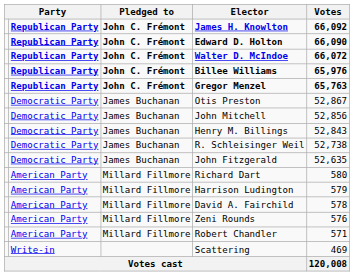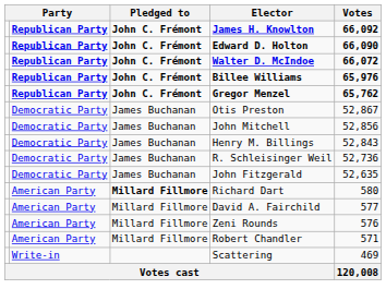 <table class="wikitable">
 <tr>
 <th colspan=2>Party</th>
 <th>Pledged to</th>
 <th>Elector</th>
 <th>Votes</th>
 </tr>
 <tr style="font-weight:bold">
 <td></td>
 <td><a href='#'>Republican Party</a></td>
 <td>John C. Frémont</td>
 <td><a href='#'>James H. Knowlton</a></td>
 <td align="right">66,092</td>
 </tr>
 <tr style="font-weight:bold">
 <td></td>
 <td><a href='#'>Republican Party</a></td>
 <td>John C. Frémont</td>
 <td>Edward D. Holton</td>
 <td align="right">66,090</td>
 </tr>
 <tr style="font-weight:bold">
 <td></td>
 <td><a href='#'>Republican Party</a></td>
 <td>John C. Frémont</td>
 <td><a href='#'>Walter D. McIndoe</a></td>
 <td align="right">66,072</td>
 </tr>
 <tr style="font-weight:bold">
 <td></td>
 <td><a href='#'>Republican Party</a></td>
 <td>John C. Frémont</td>
 <td>Billee Williams</td>
 <td align="right">65,976</td>
 </tr>
 <tr style="font-weight:bold">
 <td></td>
 <td><a href='#'>Republican Party</a></td>
 <td>John C. Frémont</td>
 <td>Gregor Menzel</td>
-<td align="right">65,763</td>
+<td align="right">65,762</td>
 </tr>
 <tr>
 <td></td>
 <td><a href='#'>Democratic Party</a></td>
 <td>James Buchanan</td>
 <td>Otis Preston</td>
 <td align="right">52,867</td>
 </tr>
 <tr>
 <td></td>
 <td><a href='#'>Democratic Party</a></td>
 <td>James Buchanan</td>
 <td>John Mitchell</td>
 <td align="right">52,856</td>
 </tr>
 <tr>
 <td></td>
 <td><a href='#'>Democratic Party</a></td>
 <td>James Buchanan</td>
 <td>Henry M. Billings</td>
 <td align="right">52,843</td>
 </tr>
 <tr>
 <td></td>
 <td><a href='#'>Democratic Party</a></td>
 <td>James Buchanan</td>
 <td>R. Schleisinger Weil</td>
-<td align="right">52,738</td>
+<td align="right">52,736</td>
 </tr>
 <tr>
 <td></td>
 <td><a href='#'>Democratic Party</a></td>
 <td>James Buchanan</td>
 <td>John Fitzgerald</td>
 <td align="right">52,635</td>
 </tr>
 <tr>
 <td></td>
 <td><a href='#'>American Party</a></td>
-<td>Millard Fillmore</td>
+<td><strong>Millard Fillmore</strong></td>
 <td>Richard Dart</td>
 <td align="right">580</td>
 </tr>
 <tr>
 <td></td>
 <td><a href='#'>American Party</a></td>
 <td>Millard Fillmore</td>
-<td>Harrison Ludington</td>
-<td align="right">579</td>
-</tr>
-<tr>
-<td></td>
-<td><a href='#'>American Party</a></td>
-<td>Millard Fillmore</td>
 <td>David A. Fairchild</td>
-<td align="right">578</td>
+<td align="right">577</td>
 </tr>
 <tr>
 <td></td>
 <td><a href='#'>American Party</a></td>
 <td>Millard Fillmore</td>
 <td>Zeni Rounds</td>
 <td align="right">576</td>
 </tr>
 <tr>
 <td></td>
 <td><a href='#'>American Party</a></td>
 <td>Millard Fillmore</td>
 <td>Robert Chandler</td>
 <td align="right">571</td>
 </tr>
 <tr>
 <td></td>
 <td><a href='#'>Write-in</a></td>
 <td></td>
 <td>Scattering</td>
 <td align="right">469</td>
 </tr>
 <tr>
 <th colspan="4">Votes cast</th>
 <th>120,008</th>
 </tr>
 </table>
